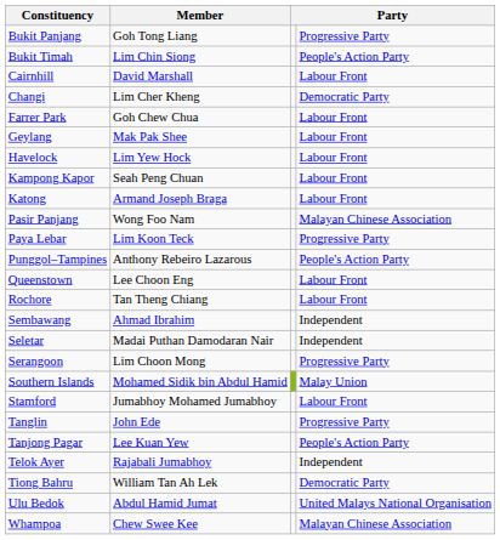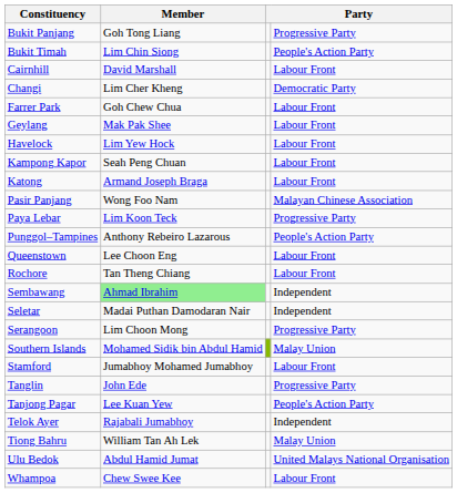 <table class="wikitable sortable">
 <tr>
 <th>Constituency</th>
 <th>Member</th>
 <th colspan="2">Party</th>
 </tr>
 <tr>
 <td><a href='#'>Bukit Panjang</a></td>
 <td>Goh Tong Liang</td>
 <td></td>
 <td><a href='#'>Progressive Party</a></td>
 </tr>
 <tr>
 <td><a href='#'>Bukit Timah</a></td>
 <td><a href='#'>Lim Chin Siong</a></td>
 <td></td>
 <td><a href='#'>People's Action Party</a></td>
 </tr>
 <tr>
 <td><a href='#'>Cairnhill</a></td>
 <td><a href='#'>David Marshall</a></td>
 <td></td>
 <td><a href='#'>Labour Front</a></td>
 </tr>
 <tr>
 <td><a href='#'>Changi</a></td>
 <td>Lim Cher Kheng</td>
 <td></td>
 <td><a href='#'>Democratic Party</a></td>
 </tr>
 <tr>
 <td><a href='#'>Farrer Park</a></td>
 <td>Goh Chew Chua</td>
 <td></td>
 <td><a href='#'>Labour Front</a></td>
 </tr>
 <tr>
 <td><a href='#'>Geylang</a></td>
 <td><a href='#'>Mak Pak Shee</a></td>
 <td></td>
 <td><a href='#'>Labour Front</a></td>
 </tr>
 <tr>
 <td><a href='#'>Havelock</a></td>
 <td><a href='#'>Lim Yew Hock</a></td>
 <td></td>
 <td><a href='#'>Labour Front</a></td>
 </tr>
 <tr>
 <td><a href='#'>Kampong Kapor</a></td>
 <td>Seah Peng Chuan</td>
 <td></td>
 <td><a href='#'>Labour Front</a></td>
 </tr>
 <tr>
 <td><a href='#'>Katong</a></td>
 <td><a href='#'>Armand Joseph Braga</a></td>
 <td></td>
 <td><a href='#'>Labour Front</a></td>
 </tr>
 <tr>
 <td><a href='#'>Pasir Panjang</a></td>
 <td>Wong Foo Nam</td>
 <td></td>
 <td><a href='#'>Malayan Chinese Association</a></td>
 </tr>
 <tr>
 <td><a href='#'>Paya Lebar</a></td>
 <td><a href='#'>Lim Koon Teck</a></td>
 <td></td>
 <td><a href='#'>Progressive Party</a></td>
 </tr>
 <tr>
 <td><a href='#'>Punggol–Tampines</a></td>
 <td>Anthony Rebeiro Lazarous</td>
 <td></td>
 <td><a href='#'>People's Action Party</a></td>
 </tr>
 <tr>
 <td><a href='#'>Queenstown</a></td>
 <td>Lee Choon Eng</td>
 <td></td>
 <td><a href='#'>Labour Front</a></td>
 </tr>
 <tr>
 <td><a href='#'>Rochore</a></td>
 <td>Tan Theng Chiang</td>
 <td></td>
 <td><a href='#'>Labour Front</a></td>
 </tr>
 <tr>
 <td><a href='#'>Sembawang</a></td>
-<td><a href='#'>Ahmad Ibrahim</a></td>
+<td style="background: lightgreen;"><a href='#'>Ahmad Ibrahim</a></td>
 <td></td>
 <td>Independent</td>
 </tr>
 <tr>
 <td><a href='#'>Seletar</a></td>
 <td>Madai Puthan Damodaran Nair</td>
 <td></td>
 <td>Independent</td>
 </tr>
 <tr>
 <td><a href='#'>Serangoon</a></td>
 <td>Lim Choon Mong</td>
 <td></td>
 <td><a href='#'>Progressive Party</a></td>
 </tr>
 <tr>
 <td><a href='#'>Southern Islands</a></td>
 <td><a href='#'>Mohamed Sidik bin Abdul Hamid</a></td>
 <td bgcolor="#88BA00"></td>
 <td><a href='#'>Malay Union</a></td>
 </tr>
 <tr>
 <td><a href='#'>Stamford</a></td>
 <td>Jumabhoy Mohamed Jumabhoy</td>
 <td></td>
 <td><a href='#'>Labour Front</a></td>
 </tr>
 <tr>
 <td><a href='#'>Tanglin</a></td>
 <td><a href='#'>John Ede</a></td>
 <td></td>
 <td><a href='#'>Progressive Party</a></td>
 </tr>
 <tr>
 <td><a href='#'>Tanjong Pagar</a></td>
 <td><a href='#'>Lee Kuan Yew</a></td>
 <td></td>
 <td><a href='#'>People's Action Party</a></td>
 </tr>
 <tr>
 <td><a href='#'>Telok Ayer</a></td>
 <td><a href='#'>Rajabali Jumabhoy</a></td>
 <td></td>
 <td>Independent</td>
 </tr>
 <tr>
 <td><a href='#'>Tiong Bahru</a></td>
 <td>William Tan Ah Lek</td>
 <td></td>
-<td><a href='#'>Democratic Party</a></td>
+<td><a href='#'>Malay Union</a></td>
 </tr>
 <tr>
 <td><a href='#'>Ulu Bedok</a></td>
 <td><a href='#'>Abdul Hamid Jumat</a></td>
 <td></td>
 <td><a href='#'>United Malays National Organisation</a></td>
 </tr>
 <tr>
 <td><a href='#'>Whampoa</a></td>
 <td><a href='#'>Chew Swee Kee</a></td>
 <td></td>
-<td><a href='#'>Malayan Chinese Association</a></td>
+<td><a href='#'>Labour Front</a></td>
 </tr>
 </table>
